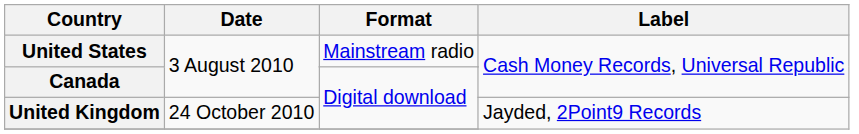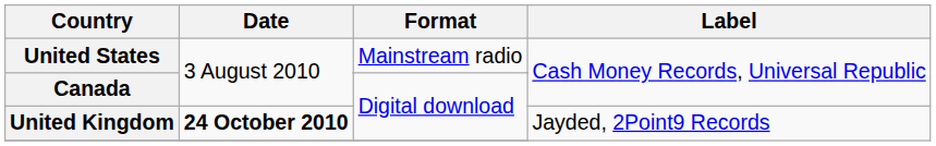 <table class="wikitable plainrowheaders">
 <tr>
 <th scope="col">Country</th>
 <th scope="col">Date</th>
 <th scope="col">Format</th>
 <th scope="col">Label</th>
 </tr>
 <tr>
 <th scope="row" rowspan="2">United States</th>
 <td rowspan="3">3 August 2010</td>
 <td><a href='#'>Mainstream</a> radio</td>
 <td rowspan="3"><a href='#'>Cash Money Records</a>, <a href='#'>Universal Republic</a></td>
 </tr>
 <tr>
 <td rowspan="3"><a href='#'>Digital download</a></td>
 </tr>
 <tr>
 <th scope="row">Canada</th>
 </tr>
 <tr>
 <th scope="row">United Kingdom</th>
-<td>24 October 2010</td>
+<td><strong>24 October 2010</strong></td>
 <td rowspan="2">Jayded, <a href='#'>2Point9 Records</a></td>
 </tr>
 <tr>
 </tr>
 </table>
